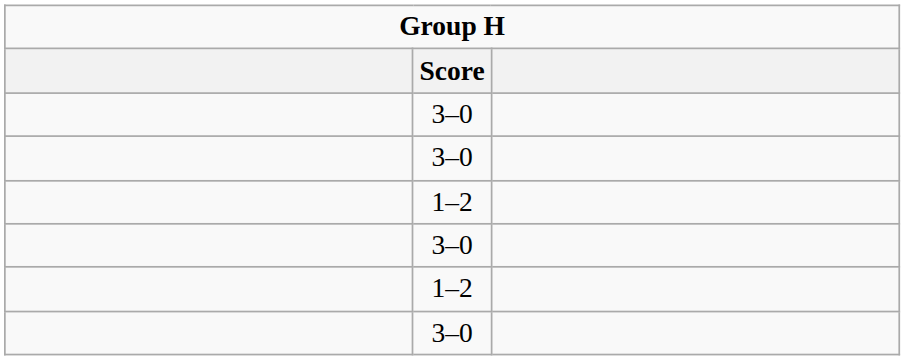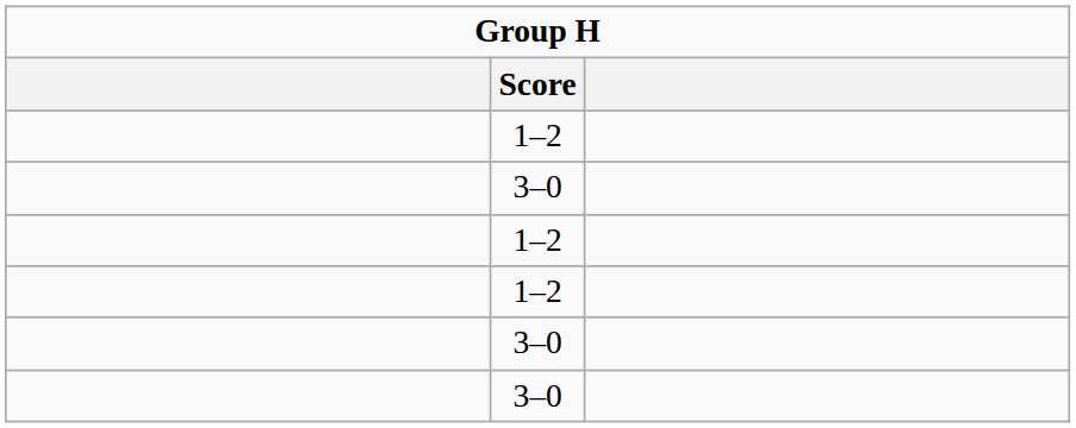 <table class="wikitable" style="text-align: center; display: inline-table;">
 <tr>
 <td colspan="3"><strong>Group H</strong></td>
 </tr>
 <tr>
 <th scope="col" style="width: 230px;"></th>
 <th scope="col" style="width: 30px;">Score</th>
 <th scope="col" style="width: 230px;"></th>
-</tr>
-<tr>
-<td></td>
-<td>3–0</td>
-<td></td>
-</tr>
-<tr>
-<td></td>
-<td>3–0</td>
-<td></td>
 </tr>
 <tr>
 <td></td>
 <td>1–2</td>
 <td></td>
 </tr>
 <tr>
 <td></td>
 <td>3–0</td>
 <td></td>
 </tr>
 <tr>
 <td></td>
 <td>1–2</td>
 <td></td>
 </tr>
 <tr>
 <td></td>
+<td>1–2</td>
+<td></td>
+</tr>
+<tr>
+<td></td>
+<td>3–0</td>
+<td></td>
+</tr>
+<tr>
+<td></td>
 <td>3–0</td>
 <td></td>
 </tr>
 </table>
